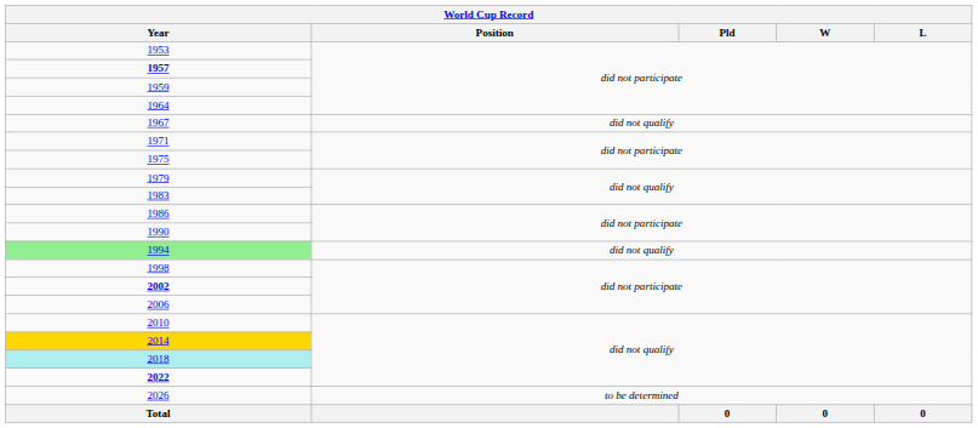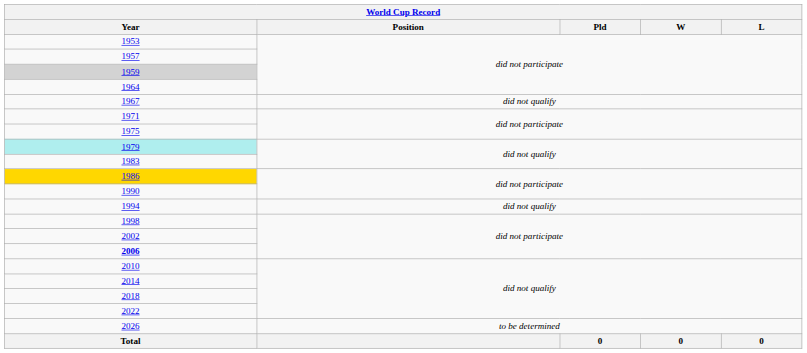 <table class="wikitable collapsible autocollapse" width=80% style="text-align: center;font-size:90%;">
 <tr>
 <th colspan=5><a href='#'>World Cup Record</a></th>
 </tr>
 <tr>
 <th width=25%>Year</th>
 <th width=30%>Position</th>
 <th width=8%>Pld</th>
 <th width=8%>W</th>
 <th width=8%>L</th>
 </tr>
 <tr>
 <td> <a href='#'>1953</a></td>
 <td rowspan=4 colspan=4><em>did not participate</em></td>
 </tr>
 <tr>
-<td><strong> <a href='#'>1957</a></strong></td>
+<td> <a href='#'>1957</a></td>
 </tr>
 <tr>
-<td> <a href='#'>1959</a></td>
+<td style="background: lightgrey;"> <a href='#'>1959</a></td>
 </tr>
 <tr>
 <td> <a href='#'>1964</a></td>
 </tr>
 <tr>
 <td> <a href='#'>1967</a></td>
 <td colspan=4><em>did not qualify</em></td>
 </tr>
 <tr>
 <td> <a href='#'>1971</a></td>
 <td rowspan=2 colspan=4><em>did not participate</em></td>
 </tr>
 <tr>
 <td> <a href='#'>1975</a></td>
 </tr>
 <tr>
-<td> <a href='#'>1979</a></td>
+<td style="background: paleturquoise;"> <a href='#'>1979</a></td>
 <td rowspan=2 colspan=4><em>did not qualify</em></td>
 </tr>
 <tr>
 <td> <a href='#'>1983</a></td>
 </tr>
 <tr>
-<td> <a href='#'>1986</a></td>
+<td style="background: gold;"> <a href='#'>1986</a></td>
 <td rowspan=2 colspan=4><em>did not participate</em></td>
 </tr>
 <tr>
 <td> <a href='#'>1990</a></td>
 </tr>
 <tr>
-<td style="background: lightgreen;"> <a href='#'>1994</a></td>
+<td> <a href='#'>1994</a></td>
 <td colspan=4><em>did not qualify</em></td>
 </tr>
 <tr>
 <td> <a href='#'>1998</a></td>
 <td rowspan=3 colspan=4><em>did not participate</em></td>
 </tr>
 <tr>
-<td><strong> <a href='#'>2002</a></strong></td>
+<td> <a href='#'>2002</a></td>
 </tr>
 <tr>
-<td> <a href='#'>2006</a></td>
+<td><strong> <a href='#'>2006</a></strong></td>
 </tr>
 <tr>
 <td> <a href='#'>2010</a></td>
 <td rowspan=4 colspan=4><em>did not qualify</em></td>
 </tr>
 <tr>
-<td style="background: gold;"> <a href='#'>2014</a></td>
+<td> <a href='#'>2014</a></td>
 </tr>
 <tr>
-<td style="background: paleturquoise;"> <a href='#'>2018</a></td>
+<td> <a href='#'>2018</a></td>
 </tr>
 <tr>
-<td><strong> <a href='#'>2022</a></strong></td>
+<td> <a href='#'>2022</a></td>
 </tr>
 <tr>
 <td> <a href='#'>2026</a></td>
 <td colspan=4><em>to be determined</em></td>
 </tr>
 <tr>
 <th>Total</th>
 <th></th>
 <th>0</th>
 <th>0</th>
 <th>0</th>
 </tr>
 </table>
